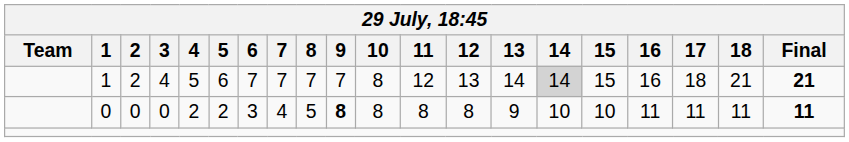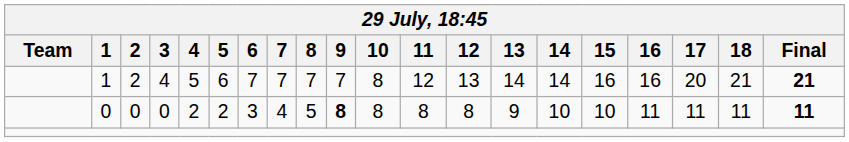 <table class=wikitable style="text-align:center; width: 55%">
 <tr>
 <th colspan=20><em>29 July, 18:45</em></th>
 </tr>
 <tr>
 <th>Team</th>
 <th>1</th>
 <th>2</th>
 <th>3</th>
 <th>4</th>
 <th>5</th>
 <th>6</th>
 <th>7</th>
 <th>8</th>
 <th>9</th>
 <th>10</th>
 <th>11</th>
 <th>12</th>
 <th>13</th>
 <th>14</th>
 <th>15</th>
 <th>16</th>
 <th>17</th>
 <th>18</th>
 <th>Final</th>
 </tr>
 <tr>
 <td align=left><strong></strong></td>
 <td>1</td>
 <td>2</td>
 <td>4</td>
 <td>5</td>
 <td>6</td>
 <td>7</td>
 <td>7</td>
 <td>7</td>
 <td>7</td>
 <td>8</td>
 <td>12</td>
 <td>13</td>
 <td>14</td>
-<td style="background: lightgrey;">14</td>
-<td>15</td>
+<td>14</td>
 <td>16</td>
-<td>18</td>
+<td>16</td>
+<td>20</td>
 <td>21</td>
 <td><strong>21</strong></td>
 </tr>
 <tr>
 <td align=left></td>
 <td>0</td>
 <td>0</td>
 <td>0</td>
 <td>2</td>
 <td>2</td>
 <td>3</td>
 <td>4</td>
 <td>5</td>
 <td><strong>8</strong></td>
 <td>8</td>
 <td>8</td>
 <td>8</td>
 <td>9</td>
 <td>10</td>
 <td>10</td>
 <td>11</td>
 <td>11</td>
 <td>11</td>
 <td><strong>11</strong></td>
 </tr>
 <tr>
 <td colspan=20></td>
 </tr>
 </table>
